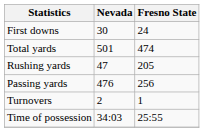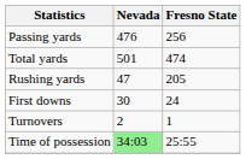 <table class="wikitable">
 <tr>
 <th>Statistics</th>
 <th>Nevada</th>
 <th>Fresno State</th>
 </tr>
 <tr>
-<td>First downs</td>
-<td>30</td>
-<td>24</td>
+<td>Passing yards</td>
+<td>476</td>
+<td>256</td>
 </tr>
 <tr>
 <td>Total yards</td>
 <td>501</td>
 <td>474</td>
 </tr>
 <tr>
 <td>Rushing yards</td>
 <td>47</td>
 <td>205</td>
 </tr>
 <tr>
-<td>Passing yards</td>
-<td>476</td>
-<td>256</td>
+<td>First downs</td>
+<td>30</td>
+<td>24</td>
 </tr>
 <tr>
 <td>Turnovers</td>
 <td>2</td>
 <td>1</td>
 </tr>
 <tr>
 <td>Time of possession</td>
-<td>34:03</td>
+<td style="background: lightgreen;">34:03</td>
 <td>25:55</td>
 </tr>
 <tr>
 </tr>
 </table>
